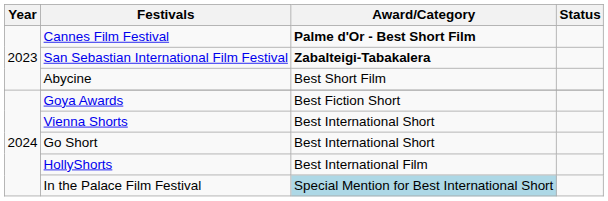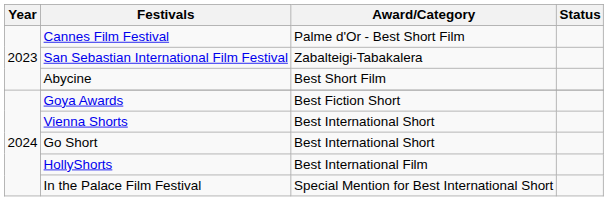 <table class="wikitable">
 <tr>
 <th>Year</th>
 <th>Festivals</th>
 <th>Award/Category</th>
 <th>Status</th>
 </tr>
 <tr>
 <td rowspan="3">2023</td>
 <td><a href='#'>Cannes Film Festival</a></td>
-<td><strong>Palme d'Or - Best Short Film</strong></td>
+<td>Palme d'Or - Best Short Film</td>
 <td></td>
 </tr>
 <tr>
 <td><a href='#'>San Sebastian International Film Festival</a></td>
-<td><strong>Zabalteigi-Tabakalera</strong></td>
+<td>Zabalteigi-Tabakalera</td>
 <td></td>
 </tr>
 <tr>
 <td>Abycine</td>
 <td>Best Short Film</td>
 <td></td>
 </tr>
 <tr>
 <td rowspan="8">2024</td>
 </tr>
 <tr>
 <td><a href='#'>Goya Awards</a></td>
 <td>Best Fiction Short</td>
 <td></td>
 </tr>
 <tr>
 <td><a href='#'>Vienna Shorts</a></td>
 <td>Best International Short</td>
 <td></td>
 </tr>
 <tr>
 <td>Go Short</td>
 <td>Best International Short</td>
 <td></td>
 </tr>
 <tr>
 <td><a href='#'>HollyShorts</a></td>
 <td>Best International Film</td>
 <td></td>
 </tr>
 <tr>
 <td>In the Palace Film Festival</td>
-<td style="background: lightblue;">Special Mention for Best International Short</td>
+<td>Special Mention for Best International Short</td>
 <td></td>
 </tr>
 </table>
